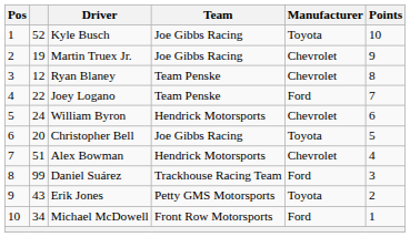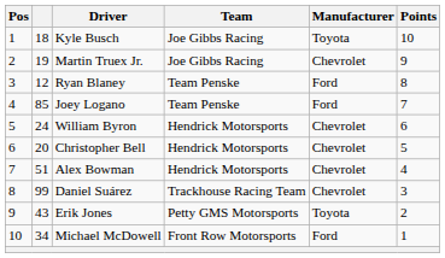 <table class="wikitable" style="font-size:98%">
 <tr>
 <th>Pos</th>
 <th></th>
 <th>Driver</th>
 <th>Team</th>
 <th>Manufacturer</th>
 <th>Points</th>
 </tr>
 <tr>
 <td>1</td>
-<td>52</td>
+<td>18</td>
 <td>Kyle Busch</td>
 <td>Joe Gibbs Racing</td>
 <td>Toyota</td>
 <td>10</td>
 </tr>
 <tr>
 <td>2</td>
 <td>19</td>
 <td>Martin Truex Jr.</td>
 <td>Joe Gibbs Racing</td>
 <td>Chevrolet</td>
 <td>9</td>
 </tr>
 <tr>
 <td>3</td>
 <td>12</td>
 <td>Ryan Blaney</td>
 <td>Team Penske</td>
-<td>Chevrolet</td>
+<td>Ford</td>
 <td>8</td>
 </tr>
 <tr>
 <td>4</td>
-<td>22</td>
+<td>85</td>
 <td>Joey Logano</td>
 <td>Team Penske</td>
 <td>Ford</td>
 <td>7</td>
 </tr>
 <tr>
 <td>5</td>
 <td>24</td>
 <td>William Byron</td>
 <td>Hendrick Motorsports</td>
 <td>Chevrolet</td>
 <td>6</td>
 </tr>
 <tr>
 <td>6</td>
 <td>20</td>
 <td>Christopher Bell</td>
-<td>Joe Gibbs Racing</td>
-<td>Toyota</td>
+<td>Hendrick Motorsports</td>
+<td>Chevrolet</td>
 <td>5</td>
 </tr>
 <tr>
 <td>7</td>
 <td>51</td>
 <td>Alex Bowman</td>
 <td>Hendrick Motorsports</td>
 <td>Chevrolet</td>
 <td>4</td>
 </tr>
 <tr>
 <td>8</td>
 <td>99</td>
 <td>Daniel Suárez</td>
 <td>Trackhouse Racing Team</td>
-<td>Ford</td>
+<td>Chevrolet</td>
 <td>3</td>
 </tr>
 <tr>
 <td>9</td>
 <td>43</td>
 <td>Erik Jones</td>
 <td>Petty GMS Motorsports</td>
 <td>Toyota</td>
 <td>2</td>
 </tr>
 <tr>
 <td>10</td>
 <td>34</td>
 <td>Michael McDowell</td>
 <td>Front Row Motorsports</td>
 <td>Ford</td>
 <td>1</td>
 </tr>
 <tr>
 <th colspan="6"></th>
 </tr>
 </table>
